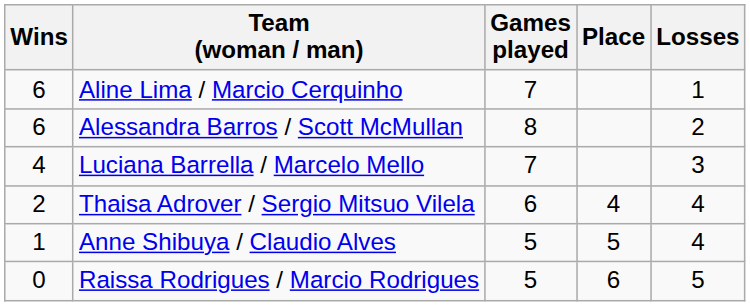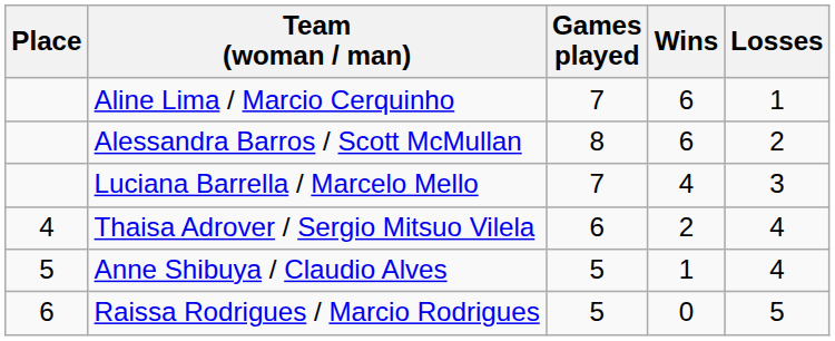 <table class="wikitable" style="text-align:center;">
 <tr>
-<th>Wins</th>
+<th>Place</th>
 <th>Team<br>(woman / man)</th>
 <th>Games<br>played</th>
-<th>Place</th>
+<th>Wins</th>
 <th>Losses</th>
 </tr>
 <tr>
-<td>6</td>
+<td></td>
 <td align=left><a href='#'>Aline Lima</a> / <a href='#'>Marcio Cerquinho</a></td>
 <td>7</td>
-<td></td>
+<td>6</td>
 <td>1</td>
 </tr>
 <tr>
-<td>6</td>
+<td></td>
 <td align=left><a href='#'>Alessandra Barros</a> / <a href='#'>Scott McMullan</a></td>
 <td>8</td>
-<td></td>
+<td>6</td>
 <td>2</td>
 </tr>
 <tr>
-<td>4</td>
+<td></td>
 <td align=left><a href='#'>Luciana Barrella</a> / <a href='#'>Marcelo Mello</a></td>
 <td>7</td>
-<td></td>
+<td>4</td>
 <td>3</td>
 </tr>
 <tr>
-<td>2</td>
+<td>4</td>
 <td align=left><a href='#'>Thaisa Adrover</a> / <a href='#'>Sergio Mitsuo Vilela</a></td>
 <td>6</td>
-<td>4</td>
+<td>2</td>
 <td>4</td>
 </tr>
 <tr>
-<td>1</td>
+<td>5</td>
 <td align=left><a href='#'>Anne Shibuya</a> / <a href='#'>Claudio Alves</a></td>
 <td>5</td>
-<td>5</td>
+<td>1</td>
 <td>4</td>
 </tr>
 <tr>
-<td>0</td>
+<td>6</td>
 <td align=left><a href='#'>Raissa Rodrigues</a> / <a href='#'>Marcio Rodrigues</a></td>
 <td>5</td>
-<td>6</td>
+<td>0</td>
 <td>5</td>
 </tr>
 </table>
